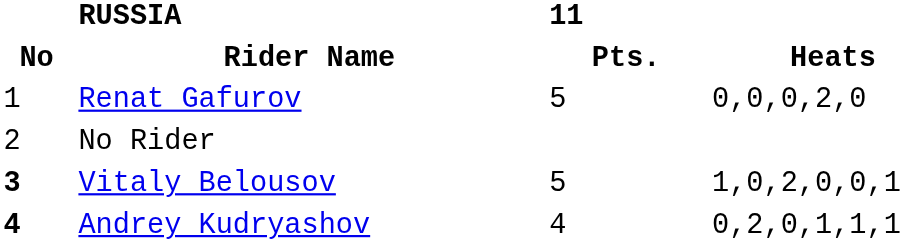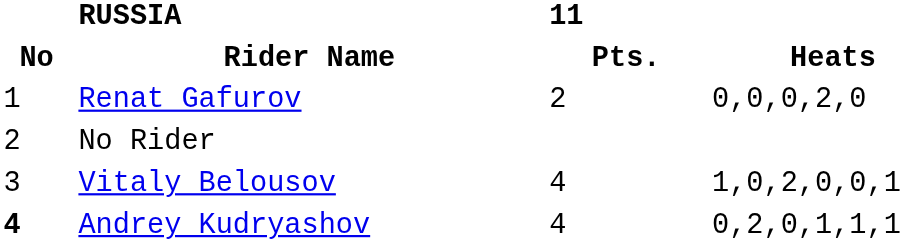 <table class="toccolours">
 <tr>
 <td></td>
 <td><strong>RUSSIA</strong></td>
 <td><strong>11</strong></td>
 </tr>
 <tr style="background: ">
 <th width=30px>No</th>
 <th width=210px>Rider Name</th>
 <th width=70px>Pts.</th>
 <th width=110px>Heats</th>
 </tr>
 <tr style="background-color:">
 <td>1</td>
 <td><a href='#'>Renat Gafurov</a></td>
-<td>5</td>
+<td>2</td>
 <td>0,0,0,2,0</td>
 </tr>
 <tr style="background-color:">
 <td>2</td>
 <td>No Rider</td>
 <td></td>
 <td></td>
 </tr>
 <tr style="background-color:">
-<td><strong>3</strong></td>
+<td>3</td>
 <td><a href='#'>Vitaly Belousov</a></td>
-<td>5</td>
+<td>4</td>
 <td>1,0,2,0,0,1</td>
 </tr>
 <tr style="background-color:">
 <td><strong>4</strong></td>
 <td><a href='#'>Andrey Kudryashov</a></td>
 <td>4</td>
 <td>0,2,0,1,1,1</td>
 </tr>
 </table>
